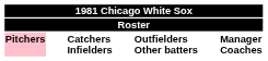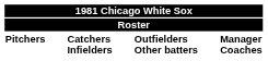 <table class="toccolours" style="font-size: 95%;">
 <tr>
 <th colspan="10" style="background-color: black; color: white; text-align: center;">1981 Chicago White Sox</th>
 </tr>
 <tr>
 <td colspan="10" style="background-color: black; color: white; text-align: center;"><strong>Roster</strong></td>
 </tr>
 <tr>
-<td valign="top" style="background: pink;"><strong>Pitchers</strong><br>             </td>
+<td valign="top"><strong>Pitchers</strong><br>             </td>
 <td width="25px"></td>
 <td valign="top"><strong>Catchers</strong><br>   <strong>Infielders</strong>       </td>
 <td width="25px"></td>
 <td valign="top"><strong>Outfielders</strong><br>         <strong>Other batters</strong> </td>
 <td width="25px"></td>
 <td valign="top"><strong>Manager</strong><br> <strong>Coaches</strong>       </td>
 </tr>
 </table>
